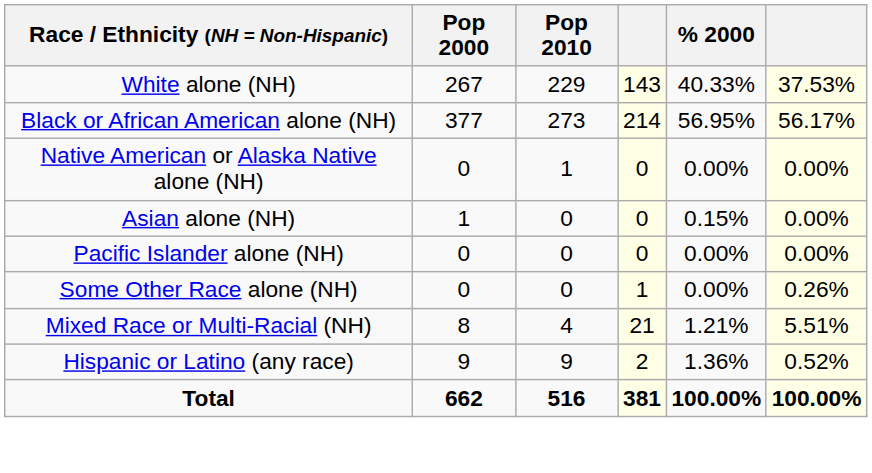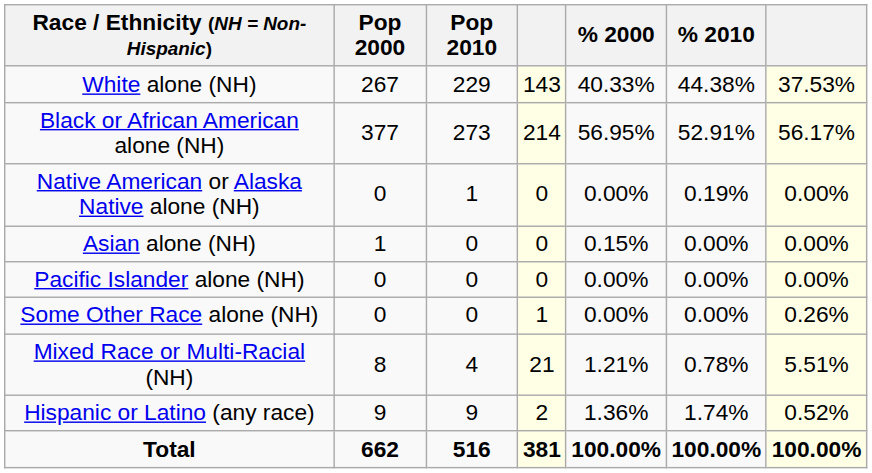 <table class="wikitable" style="text-align:center;">
 <tr>
 <th>Race / Ethnicity <small>(<em>NH = Non-Hispanic</em>)</small></th>
 <th>Pop 2000</th>
 <th>Pop 2010</th>
 <th></th>
 <th>% 2000</th>
+<th>% 2010</th>
 <th></th>
 </tr>
 <tr>
 <td><a href='#'>White</a> alone (NH)</td>
 <td>267</td>
 <td>229</td>
 <td style='background: #ffffe6;'>143</td>
 <td>40.33%</td>
+<td>44.38%</td>
 <td style='background: #ffffe6;'>37.53%</td>
 </tr>
 <tr>
 <td><a href='#'>Black or African American</a> alone (NH)</td>
 <td>377</td>
 <td>273</td>
 <td style='background: #ffffe6;'>214</td>
 <td>56.95%</td>
+<td>52.91%</td>
 <td style='background: #ffffe6;'>56.17%</td>
 </tr>
 <tr>
 <td><a href='#'>Native American</a> or <a href='#'>Alaska Native</a> alone (NH)</td>
 <td>0</td>
 <td>1</td>
 <td style='background: #ffffe6;'>0</td>
 <td>0.00%</td>
+<td>0.19%</td>
 <td style='background: #ffffe6;'>0.00%</td>
 </tr>
 <tr>
 <td><a href='#'>Asian</a> alone (NH)</td>
 <td>1</td>
 <td>0</td>
 <td style='background: #ffffe6;'>0</td>
 <td>0.15%</td>
+<td>0.00%</td>
 <td style='background: #ffffe6;'>0.00%</td>
 </tr>
 <tr>
 <td><a href='#'>Pacific Islander</a> alone (NH)</td>
 <td>0</td>
 <td>0</td>
 <td style='background: #ffffe6;'>0</td>
+<td>0.00%</td>
 <td>0.00%</td>
 <td style='background: #ffffe6;'>0.00%</td>
 </tr>
 <tr>
 <td><a href='#'>Some Other Race</a> alone (NH)</td>
 <td>0</td>
 <td>0</td>
 <td style='background: #ffffe6;'>1</td>
 <td>0.00%</td>
+<td>0.00%</td>
 <td style='background: #ffffe6;'>0.26%</td>
 </tr>
 <tr>
 <td><a href='#'>Mixed Race or Multi-Racial</a> (NH)</td>
 <td>8</td>
 <td>4</td>
 <td style='background: #ffffe6;'>21</td>
 <td>1.21%</td>
+<td>0.78%</td>
 <td style='background: #ffffe6;'>5.51%</td>
 </tr>
 <tr>
 <td><a href='#'>Hispanic or Latino</a> (any race)</td>
 <td>9</td>
 <td>9</td>
 <td style='background: #ffffe6;'>2</td>
 <td>1.36%</td>
+<td>1.74%</td>
 <td style='background: #ffffe6;'>0.52%</td>
 </tr>
 <tr>
 <td><strong>Total</strong></td>
 <td><strong>662</strong></td>
 <td><strong>516</strong></td>
 <td style='background: #ffffe6;'><strong>381</strong></td>
 <td><strong>100.00%</strong></td>
+<td><strong>100.00%</strong></td>
 <td style='background: #ffffe6;'><strong>100.00%</strong></td>
 </tr>
 </table>
